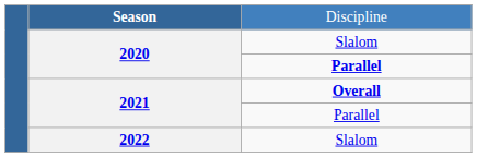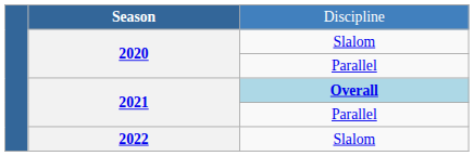 <table class="wikitable"  style="font-size:95%; text-align:center; border:gray solid 1px; width:30%;">
 <tr style="background:#369; color:white;">
 <td rowspan="10" style="width:1%;"></td>
 <td rowspan="2" style="width:10%;"><strong>Season</strong></td>
 </tr>
 <tr style="background:#4180be; color:white;">
 <td style="width:10%;">Discipline</td>
 </tr>
 <tr>
 <th rowspan=2><strong><a href='#'>2020</a></strong></th>
 <td><a href='#'>Slalom</a></td>
 </tr>
 <tr>
-<td><strong><a href='#'>Parallel</a></strong></td>
+<td><a href='#'>Parallel</a></td>
 </tr>
 <tr>
 <th rowspan=2><strong><a href='#'>2021</a></strong></th>
-<td><strong><a href='#'>Overall</a></strong></td>
+<td style="background: lightblue;"><strong><a href='#'>Overall</a></strong></td>
 </tr>
 <tr>
 <td><a href='#'>Parallel</a> </td>
 </tr>
 <tr>
 <th><strong><a href='#'>2022</a></strong></th>
 <td><a href='#'>Slalom</a></td>
 </tr>
 </table>
